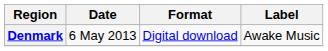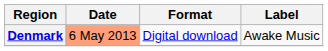 <table class="wikitable plainrowheaders">
 <tr>
 <th scope="col">Region</th>
 <th scope="col">Date</th>
 <th scope="col">Format</th>
 <th scope="col">Label</th>
 </tr>
 <tr>
 <th scope="row"><a href='#'>Denmark</a></th>
-<td>6 May 2013</td>
+<td style="background: lightsalmon;">6 May 2013</td>
 <td><a href='#'>Digital download</a></td>
 <td>Awake Music</td>
 </tr>
 <tr>
 </tr>
 </table>
